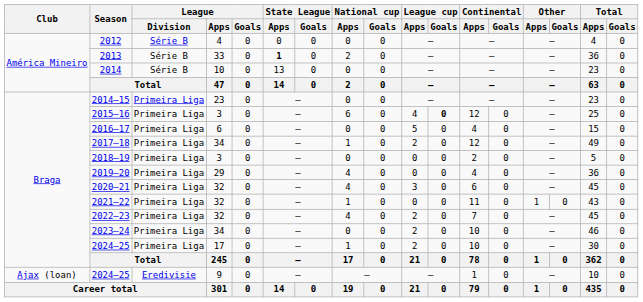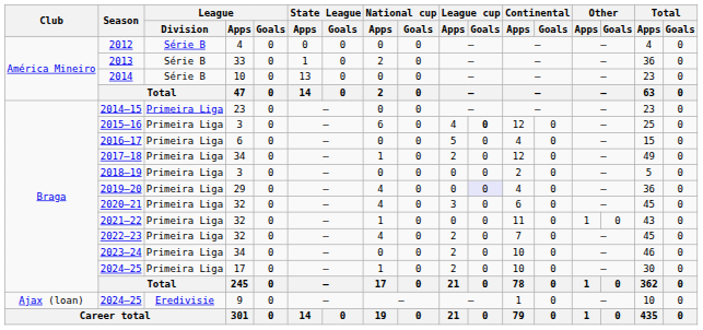 <table class="wikitable" style="text-align: center;">
 <tr>
 <th rowspan="2">Club</th>
 <th rowspan="2">Season</th>
 <th colspan="3">League</th>
 <th colspan="2">State League</th>
 <th colspan="2">National cup</th>
 <th colspan="2">League cup</th>
 <th colspan="2">Continental</th>
 <th colspan="2">Other</th>
 <th colspan="2">Total</th>
 </tr>
 <tr>
 <th>Division</th>
 <th>Apps</th>
 <th>Goals</th>
 <th>Apps</th>
 <th>Goals</th>
 <th>Apps</th>
 <th>Goals</th>
 <th>Apps</th>
 <th>Goals</th>
 <th>Apps</th>
 <th>Goals</th>
 <th>Apps</th>
 <th>Goals</th>
 <th>Apps</th>
 <th>Goals</th>
 </tr>
 <tr>
 <td rowspan="4"><a href='#'>América Mineiro</a></td>
 <td><a href='#'>2012</a></td>
 <td><a href='#'>Série B</a></td>
 <td>4</td>
 <td>0</td>
 <td>0</td>
 <td>0</td>
 <td>0</td>
 <td>0</td>
 <td colspan="2">—</td>
 <td colspan="2">—</td>
 <td colspan="2">—</td>
 <td>4</td>
 <td>0</td>
 </tr>
 <tr>
 <td><a href='#'>2013</a></td>
 <td>Série B</td>
 <td>33</td>
 <td>0</td>
-<td><strong>1</strong></td>
+<td>1</td>
 <td>0</td>
 <td>2</td>
 <td>0</td>
 <td colspan="2">—</td>
 <td colspan="2">—</td>
 <td colspan="2">—</td>
 <td>36</td>
 <td>0</td>
 </tr>
 <tr>
 <td><a href='#'>2014</a></td>
 <td>Série B</td>
 <td>10</td>
 <td>0</td>
 <td>13</td>
 <td>0</td>
 <td>0</td>
 <td>0</td>
 <td colspan="2">—</td>
 <td colspan="2">—</td>
 <td colspan="2">—</td>
 <td>23</td>
 <td>0</td>
 </tr>
 <tr>
 <th colspan="2">Total</th>
 <th>47</th>
 <th>0</th>
 <th>14</th>
 <th>0</th>
 <th>2</th>
 <th>0</th>
 <th colspan="2">—</th>
 <th colspan="2">—</th>
 <th colspan="2">—</th>
 <th>63</th>
 <th>0</th>
 </tr>
 <tr>
 <td rowspan="12"><a href='#'>Braga</a></td>
 <td><a href='#'>2014–15</a></td>
 <td><a href='#'>Primeira Liga</a></td>
 <td>23</td>
 <td>0</td>
 <td colspan="2">—</td>
 <td>0</td>
 <td>0</td>
 <td colspan="2">—</td>
 <td colspan="2">—</td>
 <td colspan="2">—</td>
 <td>23</td>
 <td>0</td>
 </tr>
 <tr>
 <td><a href='#'>2015–16</a></td>
 <td>Primeira Liga</td>
 <td>3</td>
 <td>0</td>
 <td colspan="2">—</td>
 <td>6</td>
 <td>0</td>
 <td>4</td>
 <td><strong>0</strong></td>
 <td>12</td>
 <td>0</td>
 <td colspan="2">—</td>
 <td>25</td>
 <td>0</td>
 </tr>
 <tr>
 <td><a href='#'>2016–17</a></td>
 <td>Primeira Liga</td>
 <td>6</td>
 <td>0</td>
 <td colspan="2">—</td>
 <td>0</td>
 <td>0</td>
 <td>5</td>
 <td>0</td>
 <td>4</td>
 <td>0</td>
 <td colspan="2">—</td>
 <td>15</td>
 <td>0</td>
 </tr>
 <tr>
 <td><a href='#'>2017–18</a></td>
 <td>Primeira Liga</td>
 <td>34</td>
 <td>0</td>
 <td colspan="2">—</td>
 <td>1</td>
 <td>0</td>
 <td>2</td>
 <td>0</td>
 <td>12</td>
 <td>0</td>
 <td colspan="2">—</td>
 <td>49</td>
 <td>0</td>
 </tr>
 <tr>
 <td><a href='#'>2018–19</a></td>
 <td>Primeira Liga</td>
 <td>3</td>
 <td>0</td>
 <td colspan="2">—</td>
 <td>0</td>
 <td>0</td>
 <td>0</td>
 <td>0</td>
 <td>2</td>
 <td>0</td>
 <td colspan="2">—</td>
 <td>5</td>
 <td>0</td>
 </tr>
 <tr>
 <td><a href='#'>2019–20</a></td>
 <td>Primeira Liga</td>
 <td>29</td>
 <td>0</td>
 <td colspan="2">—</td>
 <td>4</td>
 <td>0</td>
 <td>0</td>
-<td>0</td>
+<td style="background: lavender;">0</td>
 <td>4</td>
 <td>0</td>
 <td colspan="2">—</td>
 <td>36</td>
 <td>0</td>
 </tr>
 <tr>
 <td><a href='#'>2020–21</a></td>
 <td>Primeira Liga</td>
 <td>32</td>
 <td>0</td>
 <td colspan="2">—</td>
 <td>4</td>
 <td>0</td>
 <td>3</td>
 <td>0</td>
 <td>6</td>
 <td>0</td>
 <td colspan="2">—</td>
 <td>45</td>
 <td>0</td>
 </tr>
 <tr>
 <td><a href='#'>2021–22</a></td>
 <td>Primeira Liga</td>
 <td>32</td>
 <td>0</td>
 <td colspan="2">—</td>
 <td>1</td>
 <td>0</td>
 <td>0</td>
 <td>0</td>
 <td>11</td>
 <td>0</td>
 <td>1</td>
 <td>0</td>
 <td>43</td>
 <td>0</td>
 </tr>
 <tr>
 <td><a href='#'>2022–23</a></td>
 <td>Primeira Liga</td>
 <td>32</td>
 <td>0</td>
 <td colspan="2">—</td>
 <td>4</td>
 <td>0</td>
 <td>2</td>
 <td>0</td>
 <td>7</td>
 <td>0</td>
 <td colspan="2">—</td>
 <td>45</td>
 <td>0</td>
 </tr>
 <tr>
 <td><a href='#'>2023–24</a></td>
 <td>Primeira Liga</td>
 <td>34</td>
 <td>0</td>
 <td colspan="2">—</td>
 <td>0</td>
 <td>0</td>
 <td>2</td>
 <td>0</td>
 <td>10</td>
 <td>0</td>
 <td colspan="2">—</td>
 <td>46</td>
 <td>0</td>
 </tr>
 <tr>
 <td><a href='#'>2024–25</a></td>
 <td>Primeira Liga</td>
 <td>17</td>
 <td>0</td>
 <td colspan="2">—</td>
 <td>1</td>
 <td>0</td>
 <td>2</td>
 <td>0</td>
 <td>10</td>
 <td>0</td>
 <td colspan="2">—</td>
 <td>30</td>
 <td>0</td>
 </tr>
 <tr>
 <th colspan="2">Total</th>
 <th>245</th>
 <th>0</th>
 <th colspan="2">—</th>
 <th>17</th>
 <th>0</th>
 <th>21</th>
 <th>0</th>
 <th>78</th>
 <th>0</th>
 <th>1</th>
 <th>0</th>
 <th>362</th>
 <th>0</th>
 </tr>
 <tr>
 <td><a href='#'>Ajax</a> (loan)</td>
 <td><a href='#'>2024–25</a></td>
 <td><a href='#'>Eredivisie</a></td>
 <td>9</td>
 <td>0</td>
 <td colspan="2">—</td>
 <td colspan="2">—</td>
 <td colspan="2">—</td>
 <td>1</td>
 <td>0</td>
 <td colspan="2">—</td>
 <td>10</td>
 <td>0</td>
 </tr>
 <tr>
 <th colspan="3">Career total</th>
 <th>301</th>
 <th>0</th>
 <th>14</th>
 <th>0</th>
 <th>19</th>
 <th>0</th>
 <th>21</th>
 <th>0</th>
 <th>79</th>
 <th>0</th>
 <th>1</th>
 <th>0</th>
 <th>435</th>
 <th>0</th>
 </tr>
 </table>
